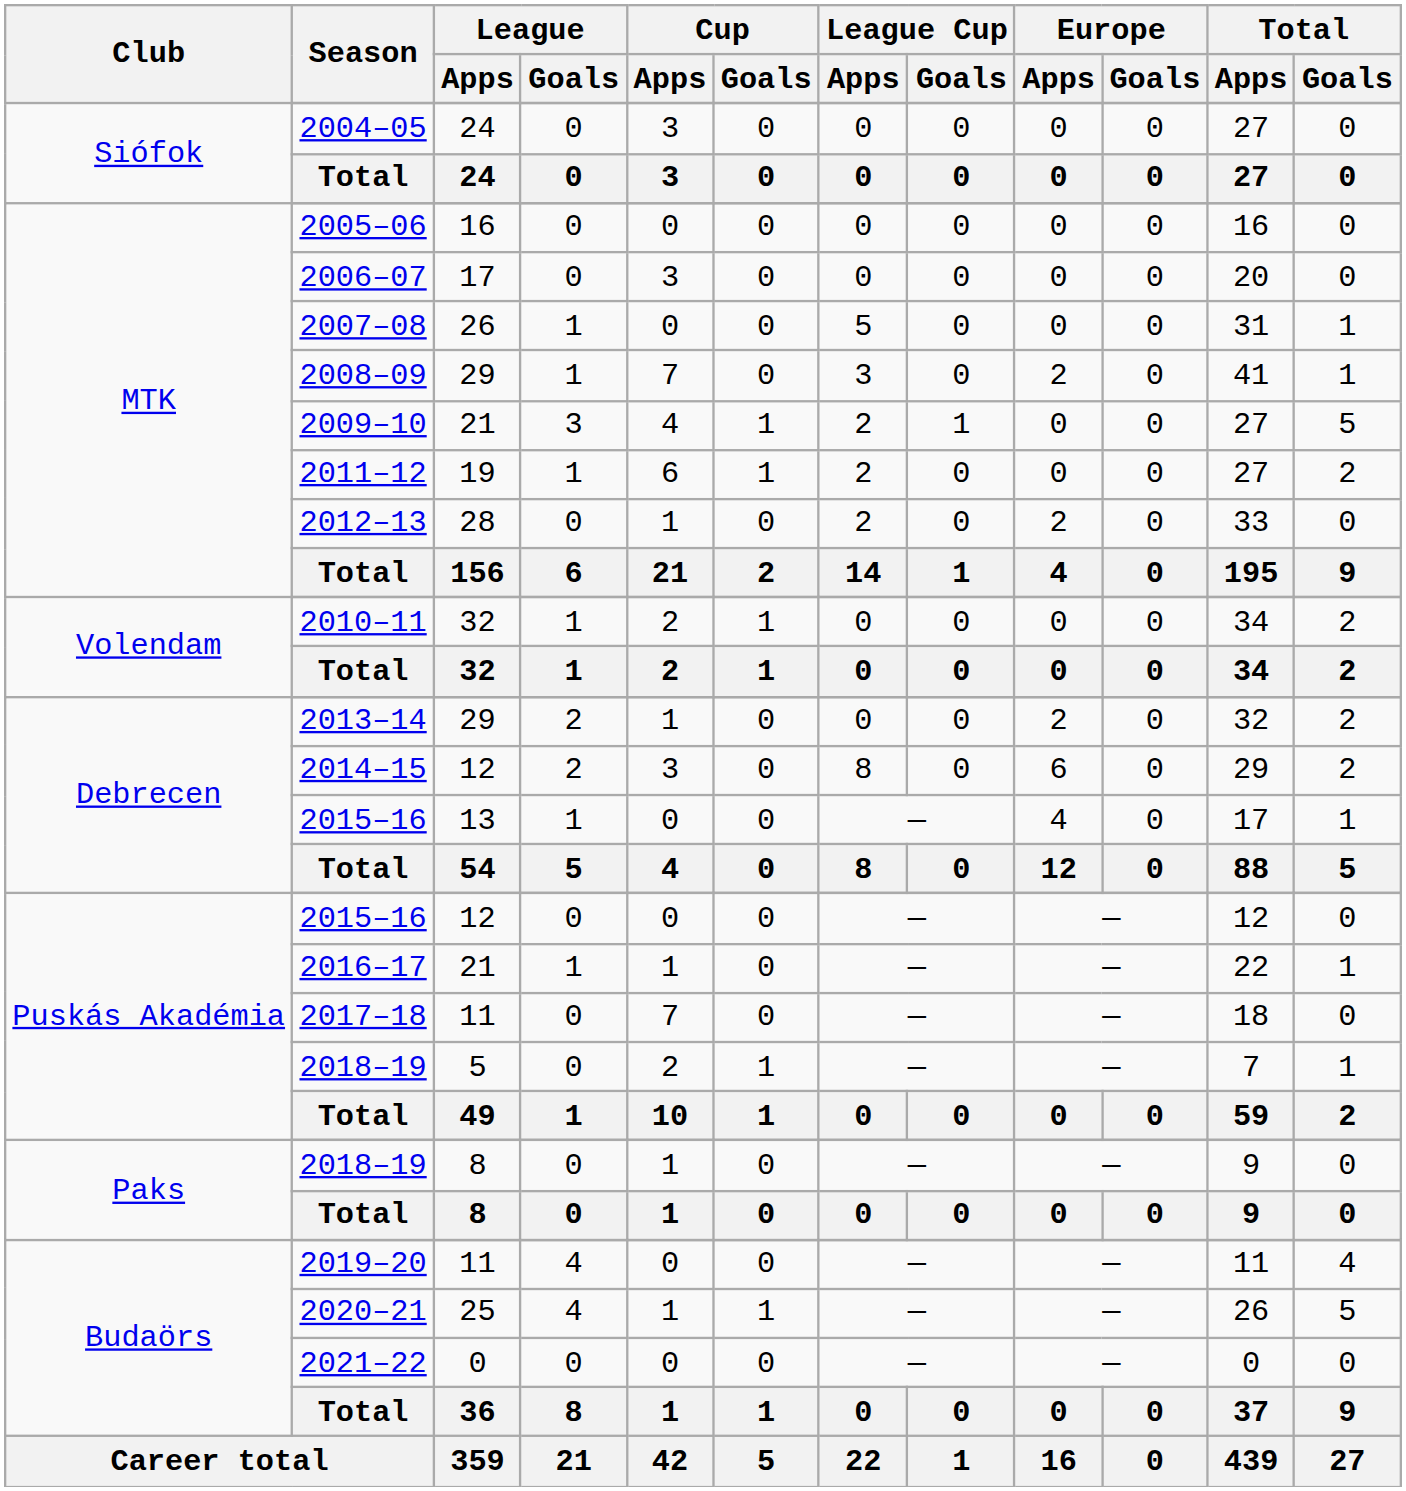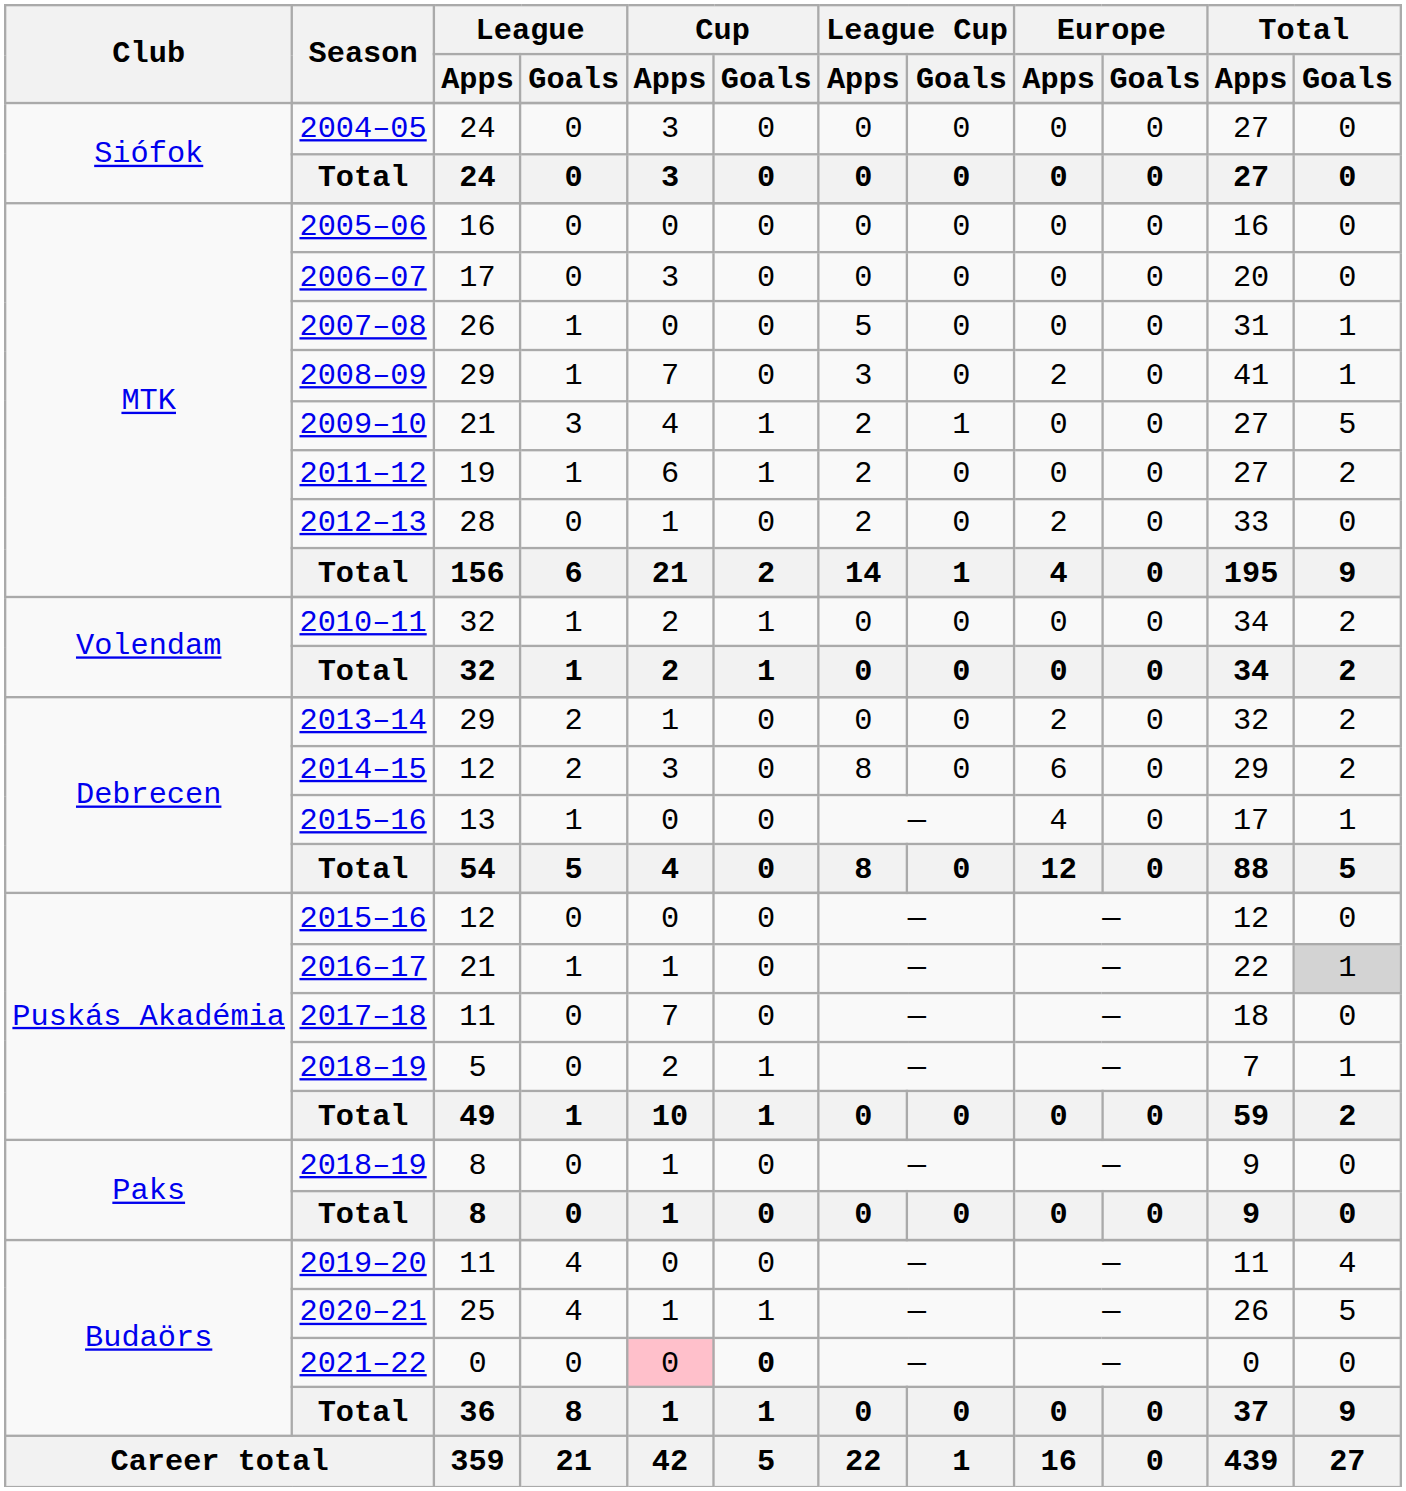 <table class="wikitable" style="text-align: center;">
 <tr>
 <th rowspan="2">Club</th>
 <th rowspan="2">Season</th>
 <th colspan="2">League</th>
 <th colspan="2">Cup</th>
 <th colspan="2">League Cup</th>
 <th colspan="2">Europe</th>
 <th colspan="2">Total</th>
 </tr>
 <tr>
 <th>Apps</th>
 <th>Goals</th>
 <th>Apps</th>
 <th>Goals</th>
 <th>Apps</th>
 <th>Goals</th>
 <th>Apps</th>
 <th>Goals</th>
 <th>Apps</th>
 <th>Goals</th>
 </tr>
 <tr>
 <td rowspan="3"><a href='#'>Siófok</a></td>
 </tr>
 <tr>
 <td><a href='#'>2004–05</a></td>
 <td>24</td>
 <td>0</td>
 <td>3</td>
 <td>0</td>
 <td>0</td>
 <td>0</td>
 <td>0</td>
 <td>0</td>
 <td>27</td>
 <td>0</td>
 </tr>
 <tr>
 <th>Total</th>
 <th>24</th>
 <th>0</th>
 <th>3</th>
 <th>0</th>
 <th>0</th>
 <th>0</th>
 <th>0</th>
 <th>0</th>
 <th>27</th>
 <th>0</th>
 </tr>
 <tr>
 <td rowspan="9"><a href='#'>MTK</a></td>
 </tr>
 <tr>
 <td><a href='#'>2005–06</a></td>
 <td>16</td>
 <td>0</td>
 <td>0</td>
 <td>0</td>
 <td>0</td>
 <td>0</td>
 <td>0</td>
 <td>0</td>
 <td>16</td>
 <td>0</td>
 </tr>
 <tr>
 <td><a href='#'>2006–07</a></td>
 <td>17</td>
 <td>0</td>
 <td>3</td>
 <td>0</td>
 <td>0</td>
 <td>0</td>
 <td>0</td>
 <td>0</td>
 <td>20</td>
 <td>0</td>
 </tr>
 <tr>
 <td><a href='#'>2007–08</a></td>
 <td>26</td>
 <td>1</td>
 <td>0</td>
 <td>0</td>
 <td>5</td>
 <td>0</td>
 <td>0</td>
 <td>0</td>
 <td>31</td>
 <td>1</td>
 </tr>
 <tr>
 <td><a href='#'>2008–09</a></td>
 <td>29</td>
 <td>1</td>
 <td>7</td>
 <td>0</td>
 <td>3</td>
 <td>0</td>
 <td>2</td>
 <td>0</td>
 <td>41</td>
 <td>1</td>
 </tr>
 <tr>
 <td><a href='#'>2009–10</a></td>
 <td>21</td>
 <td>3</td>
 <td>4</td>
 <td>1</td>
 <td>2</td>
 <td>1</td>
 <td>0</td>
 <td>0</td>
 <td>27</td>
 <td>5</td>
 </tr>
 <tr>
 <td><a href='#'>2011–12</a></td>
 <td>19</td>
 <td>1</td>
 <td>6</td>
 <td>1</td>
 <td>2</td>
 <td>0</td>
 <td>0</td>
 <td>0</td>
 <td>27</td>
 <td>2</td>
 </tr>
 <tr>
 <td><a href='#'>2012–13</a></td>
 <td>28</td>
 <td>0</td>
 <td>1</td>
 <td>0</td>
 <td>2</td>
 <td>0</td>
 <td>2</td>
 <td>0</td>
 <td>33</td>
 <td>0</td>
 </tr>
 <tr>
 <th>Total</th>
 <th>156</th>
 <th>6</th>
 <th>21</th>
 <th>2</th>
 <th>14</th>
 <th>1</th>
 <th>4</th>
 <th>0</th>
 <th>195</th>
 <th>9</th>
 </tr>
 <tr>
 <td rowspan="3"><a href='#'>Volendam</a></td>
 </tr>
 <tr>
 <td><a href='#'>2010–11</a></td>
 <td>32</td>
 <td>1</td>
 <td>2</td>
 <td>1</td>
 <td>0</td>
 <td>0</td>
 <td>0</td>
 <td>0</td>
 <td>34</td>
 <td>2</td>
 </tr>
 <tr>
 <th>Total</th>
 <th>32</th>
 <th>1</th>
 <th>2</th>
 <th>1</th>
 <th>0</th>
 <th>0</th>
 <th>0</th>
 <th>0</th>
 <th>34</th>
 <th>2</th>
 </tr>
 <tr>
 <td rowspan="5"><a href='#'>Debrecen</a></td>
 </tr>
 <tr>
 <td><a href='#'>2013–14</a></td>
 <td>29</td>
 <td>2</td>
 <td>1</td>
 <td>0</td>
 <td>0</td>
 <td>0</td>
 <td>2</td>
 <td>0</td>
 <td>32</td>
 <td>2</td>
 </tr>
 <tr>
 <td><a href='#'>2014–15</a></td>
 <td>12</td>
 <td>2</td>
 <td>3</td>
 <td>0</td>
 <td>8</td>
 <td>0</td>
 <td>6</td>
 <td>0</td>
 <td>29</td>
 <td>2</td>
 </tr>
 <tr>
 <td><a href='#'>2015–16</a></td>
 <td>13</td>
 <td>1</td>
 <td>0</td>
 <td>0</td>
 <td colspan="2">—</td>
 <td>4</td>
 <td>0</td>
 <td>17</td>
 <td>1</td>
 </tr>
 <tr>
 <th>Total</th>
 <th>54</th>
 <th>5</th>
 <th>4</th>
 <th>0</th>
 <th>8</th>
 <th>0</th>
 <th>12</th>
 <th>0</th>
 <th>88</th>
 <th>5</th>
 </tr>
 <tr>
 <td rowspan="6"><a href='#'>Puskás Akadémia</a></td>
 </tr>
 <tr>
 <td><a href='#'>2015–16</a></td>
 <td>12</td>
 <td>0</td>
 <td>0</td>
 <td>0</td>
 <td colspan="2">—</td>
 <td colspan="2">—</td>
 <td>12</td>
 <td>0</td>
 </tr>
 <tr>
 <td><a href='#'>2016–17</a></td>
 <td>21</td>
 <td>1</td>
 <td>1</td>
 <td>0</td>
 <td colspan="2">—</td>
 <td colspan="2">—</td>
 <td>22</td>
-<td>1</td>
+<td style="background: lightgrey;">1</td>
 </tr>
 <tr>
 <td><a href='#'>2017–18</a></td>
 <td>11</td>
 <td>0</td>
 <td>7</td>
 <td>0</td>
 <td colspan="2">—</td>
 <td colspan="2">—</td>
 <td>18</td>
 <td>0</td>
 </tr>
 <tr>
 <td><a href='#'>2018–19</a></td>
 <td>5</td>
 <td>0</td>
 <td>2</td>
 <td>1</td>
 <td colspan="2">—</td>
 <td colspan="2">—</td>
 <td>7</td>
 <td>1</td>
 </tr>
 <tr>
 <th>Total</th>
 <th>49</th>
 <th>1</th>
 <th>10</th>
 <th>1</th>
 <th>0</th>
 <th>0</th>
 <th>0</th>
 <th>0</th>
 <th>59</th>
 <th>2</th>
 </tr>
 <tr>
 <td rowspan="3"><a href='#'>Paks</a></td>
 </tr>
 <tr>
 <td><a href='#'>2018–19</a></td>
 <td>8</td>
 <td>0</td>
 <td>1</td>
 <td>0</td>
 <td colspan="2">—</td>
 <td colspan="2">—</td>
 <td>9</td>
 <td>0</td>
 </tr>
 <tr>
 <th>Total</th>
 <th>8</th>
 <th>0</th>
 <th>1</th>
 <th>0</th>
 <th>0</th>
 <th>0</th>
 <th>0</th>
 <th>0</th>
 <th>9</th>
 <th>0</th>
 </tr>
 <tr>
 <td rowspan="5"><a href='#'>Budaörs</a></td>
 </tr>
 <tr>
 <td><a href='#'>2019–20</a></td>
 <td>11</td>
 <td>4</td>
 <td>0</td>
 <td>0</td>
 <td colspan="2">—</td>
 <td colspan="2">—</td>
 <td>11</td>
 <td>4</td>
 </tr>
 <tr>
 <td><a href='#'>2020–21</a></td>
 <td>25</td>
 <td>4</td>
 <td>1</td>
 <td>1</td>
 <td colspan="2">—</td>
 <td colspan="2">—</td>
 <td>26</td>
 <td>5</td>
 </tr>
 <tr>
 <td><a href='#'>2021–22</a></td>
 <td>0</td>
 <td>0</td>
-<td>0</td>
-<td>0</td>
+<td style="background: pink;">0</td>
+<td><strong>0</strong></td>
 <td colspan="2">—</td>
 <td colspan="2">—</td>
 <td>0</td>
 <td>0</td>
 </tr>
 <tr>
 <th>Total</th>
 <th>36</th>
 <th>8</th>
 <th>1</th>
 <th>1</th>
 <th>0</th>
 <th>0</th>
 <th>0</th>
 <th>0</th>
 <th>37</th>
 <th>9</th>
 </tr>
 <tr>
 <th colspan="2">Career total</th>
 <th>359</th>
 <th>21</th>
 <th>42</th>
 <th>5</th>
 <th>22</th>
 <th>1</th>
 <th>16</th>
 <th>0</th>
 <th>439</th>
 <th>27</th>
 </tr>
 </table>
